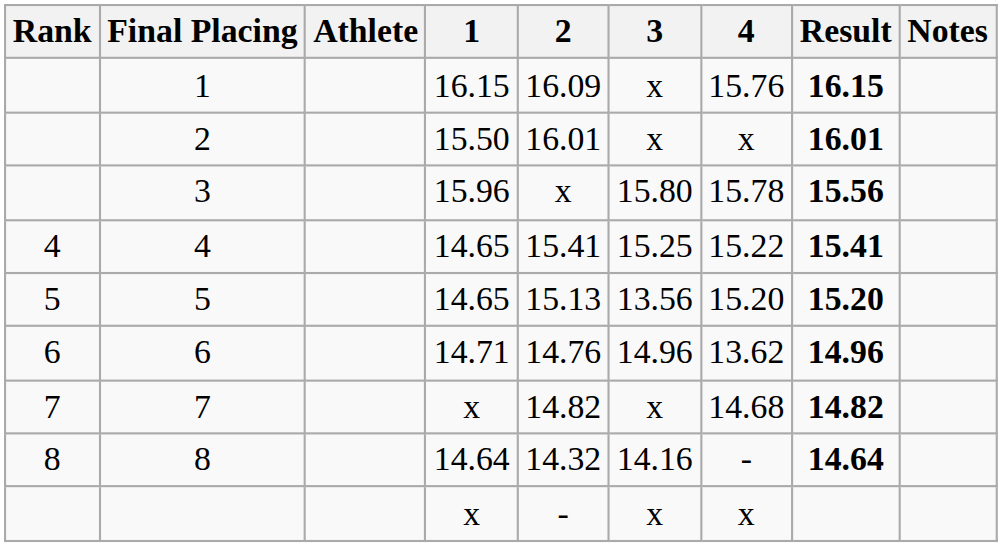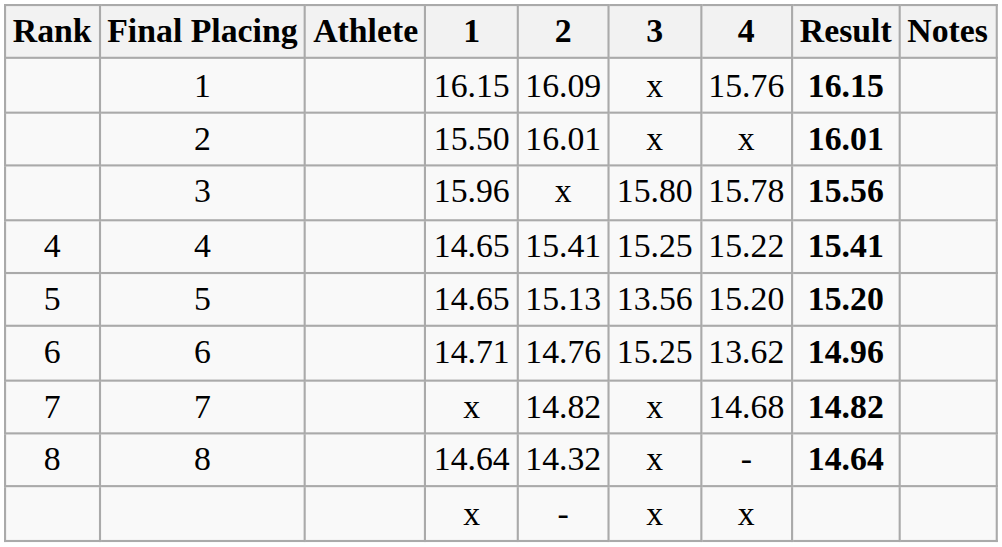 <table class="wikitable sortable" style="text-align:center">
 <tr>
 <th>Rank</th>
 <th>Final Placing</th>
 <th>Athlete</th>
 <th>1</th>
 <th>2</th>
 <th>3</th>
 <th>4</th>
 <th>Result</th>
 <th>Notes</th>
 </tr>
 <tr>
 <td></td>
 <td>1</td>
 <td align=left></td>
 <td>16.15</td>
 <td>16.09</td>
 <td>x</td>
 <td>15.76</td>
 <td><strong>16.15</strong></td>
 <td></td>
 </tr>
 <tr>
 <td></td>
 <td>2</td>
 <td align=left></td>
 <td>15.50</td>
 <td>16.01</td>
 <td>x</td>
 <td>x</td>
 <td><strong>16.01</strong></td>
 <td></td>
 </tr>
 <tr>
 <td></td>
 <td>3</td>
 <td align=left></td>
 <td>15.96</td>
 <td>x</td>
 <td>15.80</td>
 <td>15.78</td>
 <td><strong>15.56</strong></td>
 <td></td>
 </tr>
 <tr>
 <td>4</td>
 <td>4</td>
 <td align=left></td>
 <td>14.65</td>
 <td>15.41</td>
 <td>15.25</td>
 <td>15.22</td>
 <td><strong>15.41</strong></td>
 <td></td>
 </tr>
 <tr>
 <td>5</td>
 <td>5</td>
 <td align=left></td>
 <td>14.65</td>
 <td>15.13</td>
 <td>13.56</td>
 <td>15.20</td>
 <td><strong>15.20</strong></td>
 <td></td>
 </tr>
 <tr>
 <td>6</td>
 <td>6</td>
 <td align=left></td>
 <td>14.71</td>
 <td>14.76</td>
-<td>14.96</td>
+<td>15.25</td>
 <td>13.62</td>
 <td><strong>14.96</strong></td>
 <td></td>
 </tr>
 <tr>
 <td>7</td>
 <td>7</td>
 <td align=left></td>
 <td>x</td>
 <td>14.82</td>
 <td>x</td>
 <td>14.68</td>
 <td><strong>14.82</strong></td>
 <td></td>
 </tr>
 <tr>
 <td>8</td>
 <td>8</td>
 <td align=left></td>
 <td>14.64</td>
 <td>14.32</td>
-<td>14.16</td>
+<td>x</td>
 <td>-</td>
 <td><strong>14.64</strong></td>
 <td></td>
 </tr>
 <tr>
 <td></td>
 <td></td>
 <td align=left></td>
 <td>x</td>
 <td>-</td>
 <td>x</td>
 <td>x</td>
 <td></td>
 <td></td>
 </tr>
 </table>
